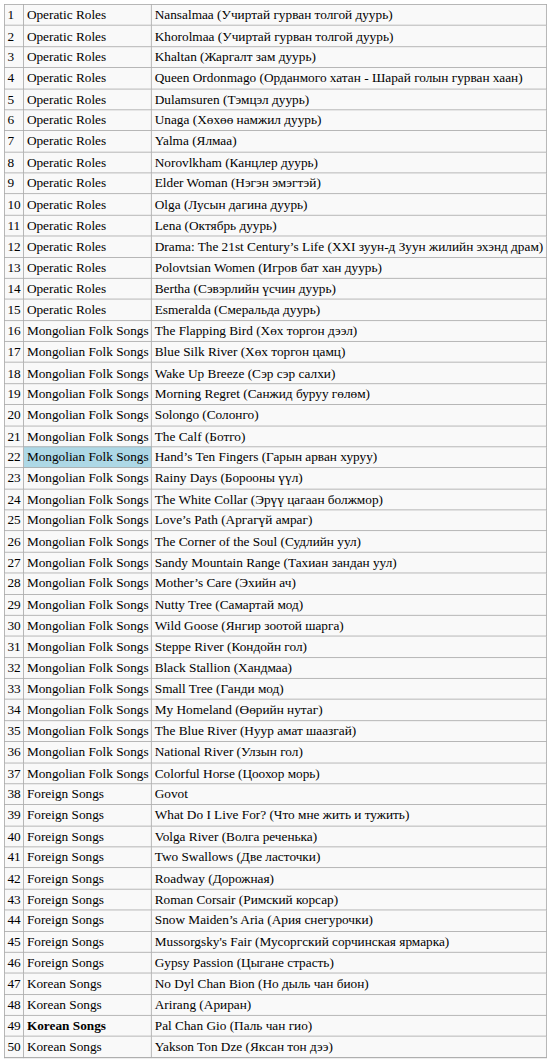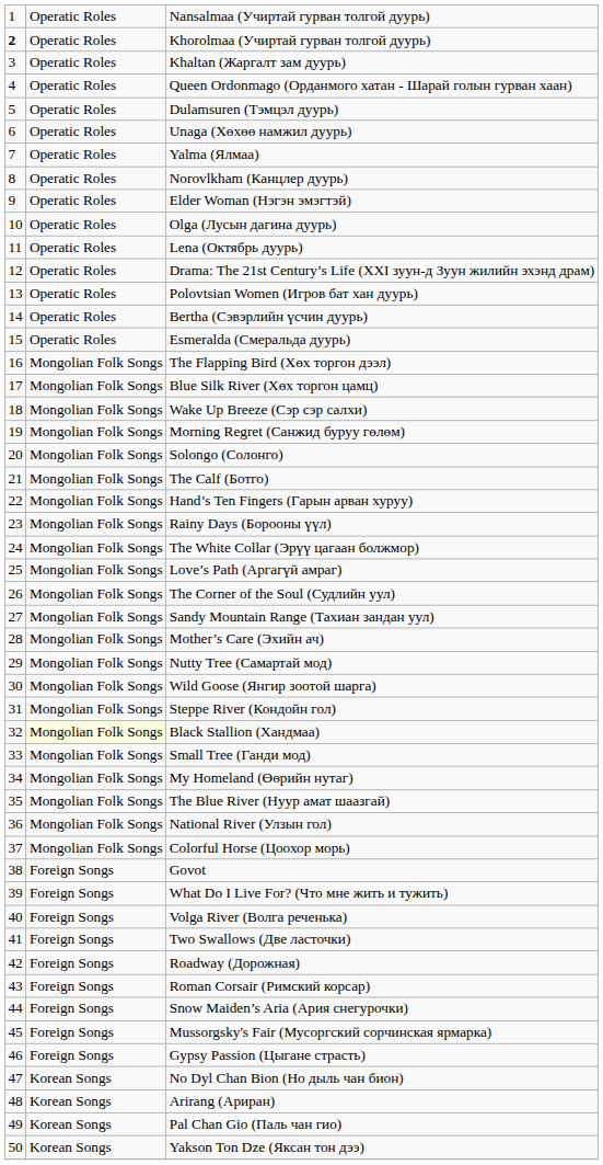 <table class="wikitable">
 <tr>
 <td>1</td>
 <td>Operatic Roles</td>
 <td>Nansalmaa (Учиртай гурван толгой дуурь)</td>
 </tr>
 <tr>
-<td>2</td>
+<td><strong>2</strong></td>
 <td>Operatic Roles</td>
 <td>Khorolmaa (Учиртай гурван толгой дуурь)</td>
 </tr>
 <tr>
 <td>3</td>
 <td>Operatic Roles</td>
 <td>Khaltan (Жаргалт зам дуурь)</td>
 </tr>
 <tr>
 <td>4</td>
 <td>Operatic Roles</td>
 <td>Queen Ordonmago (Орданмого хатан - Шарай голын гурван хаан)</td>
 </tr>
 <tr>
 <td>5</td>
 <td>Operatic Roles</td>
 <td>Dulamsuren (Тэмцэл дуурь)</td>
 </tr>
 <tr>
 <td>6</td>
 <td>Operatic Roles</td>
 <td>Unaga (Хөхөө намжил дуурь)</td>
 </tr>
 <tr>
 <td>7</td>
 <td>Operatic Roles</td>
 <td>Yalma (Ялмаа)</td>
 </tr>
 <tr>
 <td>8</td>
 <td>Operatic Roles</td>
 <td>Norovlkham (Канцлер дуурь)</td>
 </tr>
 <tr>
 <td>9</td>
 <td>Operatic Roles</td>
 <td>Elder Woman (Нэгэн эмэгтэй)</td>
 </tr>
 <tr>
 <td>10</td>
 <td>Operatic Roles</td>
 <td>Olga (Лусын дагина дуурь)</td>
 </tr>
 <tr>
 <td>11</td>
 <td>Operatic Roles</td>
 <td>Lena (Октябрь дуурь)</td>
 </tr>
 <tr>
 <td>12</td>
 <td>Operatic Roles</td>
 <td>Drama: The 21st Century’s Life (XXI зуун-д Зуун жилийн эхэнд драм)</td>
 </tr>
 <tr>
 <td>13</td>
 <td>Operatic Roles</td>
 <td>Polovtsian Women (Игров бат хан дуурь)</td>
 </tr>
 <tr>
 <td>14</td>
 <td>Operatic Roles</td>
 <td>Bertha (Сэвэрлийн үсчин дуурь)</td>
 </tr>
 <tr>
 <td>15</td>
 <td>Operatic Roles</td>
 <td>Esmeralda (Смеральда дуурь)</td>
 </tr>
 <tr>
 <td>16</td>
 <td>Mongolian Folk Songs</td>
 <td>The Flapping Bird (Хөх торгон дээл)</td>
 </tr>
 <tr>
 <td>17</td>
 <td>Mongolian Folk Songs</td>
 <td>Blue Silk River (Хөх торгон цамц)</td>
 </tr>
 <tr>
 <td>18</td>
 <td>Mongolian Folk Songs</td>
 <td>Wake Up Breeze (Сэр сэр салхи)</td>
 </tr>
 <tr>
 <td>19</td>
 <td>Mongolian Folk Songs</td>
 <td>Morning Regret (Санжид буруу гөлөм)</td>
 </tr>
 <tr>
 <td>20</td>
 <td>Mongolian Folk Songs</td>
 <td>Solongo (Солонго)</td>
 </tr>
 <tr>
 <td>21</td>
 <td>Mongolian Folk Songs</td>
 <td>The Calf (Ботго)</td>
 </tr>
 <tr>
 <td>22</td>
-<td style="background: lightblue;">Mongolian Folk Songs</td>
+<td>Mongolian Folk Songs</td>
 <td>Hand’s Ten Fingers (Гарын арван хуруу)</td>
 </tr>
 <tr>
 <td>23</td>
 <td>Mongolian Folk Songs</td>
 <td>Rainy Days (Борооны үүл)</td>
 </tr>
 <tr>
 <td>24</td>
 <td>Mongolian Folk Songs</td>
 <td>The White Collar (Эрүү цагаан болжмор)</td>
 </tr>
 <tr>
 <td>25</td>
 <td>Mongolian Folk Songs</td>
 <td>Love’s Path (Аргагүй амраг)</td>
 </tr>
 <tr>
 <td>26</td>
 <td>Mongolian Folk Songs</td>
 <td>The Corner of the Soul (Судлийн уул)</td>
 </tr>
 <tr>
 <td>27</td>
 <td>Mongolian Folk Songs</td>
 <td>Sandy Mountain Range (Тахиан зандан уул)</td>
 </tr>
 <tr>
 <td>28</td>
 <td>Mongolian Folk Songs</td>
 <td>Mother’s Care (Эхийн ач)</td>
 </tr>
 <tr>
 <td>29</td>
 <td>Mongolian Folk Songs</td>
 <td>Nutty Tree (Самартай мод)</td>
 </tr>
 <tr>
 <td>30</td>
 <td>Mongolian Folk Songs</td>
 <td>Wild Goose (Янгир зоотой шарга)</td>
 </tr>
 <tr>
 <td>31</td>
 <td>Mongolian Folk Songs</td>
 <td>Steppe River (Кондойн гол)</td>
 </tr>
 <tr>
 <td>32</td>
-<td>Mongolian Folk Songs</td>
+<td style="background: lightyellow;">Mongolian Folk Songs</td>
 <td>Black Stallion (Хандмаа)</td>
 </tr>
 <tr>
 <td>33</td>
 <td>Mongolian Folk Songs</td>
 <td>Small Tree (Ганди мод)</td>
 </tr>
 <tr>
 <td>34</td>
 <td>Mongolian Folk Songs</td>
 <td>My Homeland (Өөрийн нутаг)</td>
 </tr>
 <tr>
 <td>35</td>
 <td>Mongolian Folk Songs</td>
 <td>The Blue River (Нуур амат шаазгай)</td>
 </tr>
 <tr>
 <td>36</td>
 <td>Mongolian Folk Songs</td>
 <td>National River (Улзын гол)</td>
 </tr>
 <tr>
 <td>37</td>
 <td>Mongolian Folk Songs</td>
 <td>Colorful Horse (Цоохор морь)</td>
 </tr>
 <tr>
 <td>38</td>
 <td>Foreign Songs</td>
 <td>Govot</td>
 </tr>
 <tr>
 <td>39</td>
 <td>Foreign Songs</td>
 <td>What Do I Live For? (Что мне жить и тужить)</td>
 </tr>
 <tr>
 <td>40</td>
 <td>Foreign Songs</td>
 <td>Volga River (Волга реченька)</td>
 </tr>
 <tr>
 <td>41</td>
 <td>Foreign Songs</td>
 <td>Two Swallows (Две ласточки)</td>
 </tr>
 <tr>
 <td>42</td>
 <td>Foreign Songs</td>
 <td>Roadway (Дорожная)</td>
 </tr>
 <tr>
 <td>43</td>
 <td>Foreign Songs</td>
 <td>Roman Corsair (Римский корсар)</td>
 </tr>
 <tr>
 <td>44</td>
 <td>Foreign Songs</td>
 <td>Snow Maiden’s Aria (Ария снегурочки)</td>
 </tr>
 <tr>
 <td>45</td>
 <td>Foreign Songs</td>
 <td>Mussorgsky's Fair (Мусоргский сорчинская ярмарка)</td>
 </tr>
 <tr>
 <td>46</td>
 <td>Foreign Songs</td>
 <td>Gypsy Passion (Цыгане страсть)</td>
 </tr>
 <tr>
 <td>47</td>
 <td>Korean Songs</td>
 <td>No Dyl Chan Bion (Но дыль чан бион)</td>
 </tr>
 <tr>
 <td>48</td>
 <td>Korean Songs</td>
 <td>Arirang (Ариран)</td>
 </tr>
 <tr>
 <td>49</td>
-<td><strong>Korean Songs</strong></td>
+<td>Korean Songs</td>
 <td>Pal Chan Gio (Паль чан гио)</td>
 </tr>
 <tr>
 <td>50</td>
 <td>Korean Songs</td>
 <td>Yakson Ton Dze (Яксан тон дээ)</td>
 </tr>
 <tr>
 </tr>
 </table>
